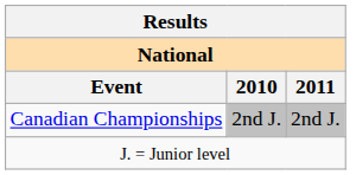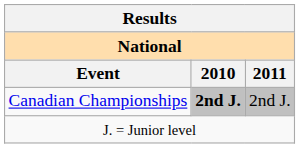 <table class="wikitable" style="text-align:center">
 <tr>
 <th colspan=3 align=center><strong>Results</strong></th>
 </tr>
 <tr>
 <th style="background-color: #ffdead; " colspan=3 align=center><strong>National</strong></th>
 </tr>
 <tr>
 <th>Event</th>
 <th>2010</th>
 <th>2011</th>
 </tr>
 <tr>
 <td align=left><a href='#'>Canadian Championships</a></td>
-<td bgcolor=silver>2nd J.</td>
+<td bgcolor=silver><strong>2nd J.</strong></td>
 <td bgcolor=silver>2nd J.</td>
 </tr>
 <tr>
 <td colspan=3 align=center><small> J. = Junior level </small></td>
 </tr>
 </table>
